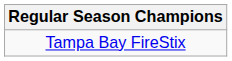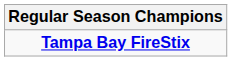 <table class="wikitable" style="text-align:center">
 <tr>
 <th>Regular Season Champions</th>
 </tr>
 <tr>
-<td><a href='#'>Tampa Bay FireStix</a></td>
+<td><strong><a href='#'>Tampa Bay FireStix</a></strong></td>
 </tr>
 </table>
